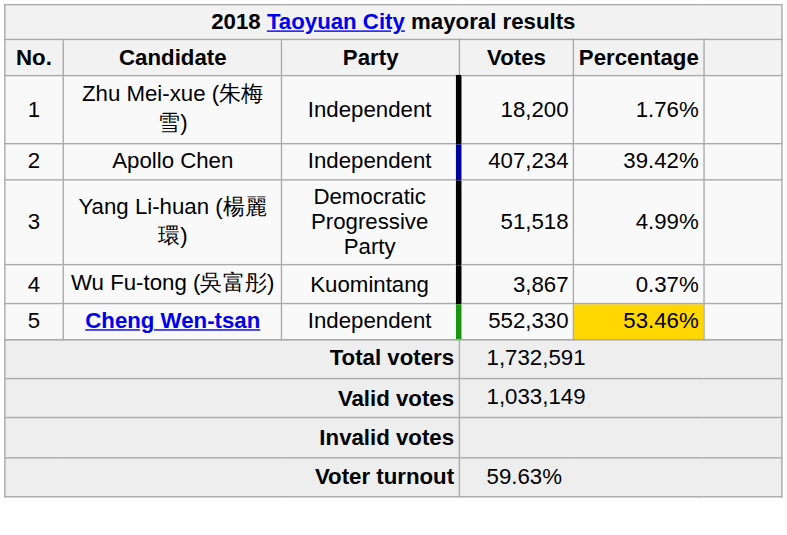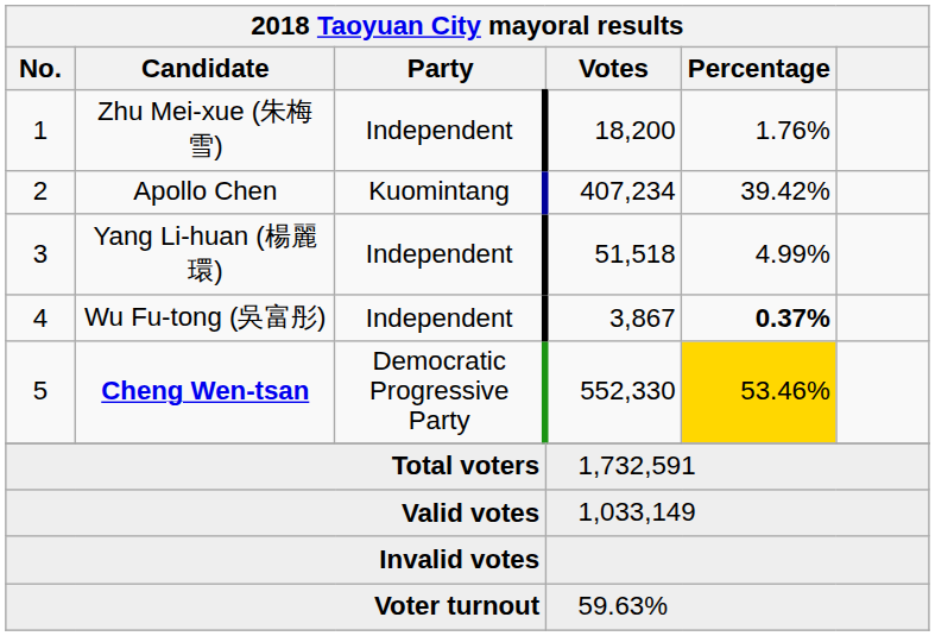 <table class="wikitable collapsible" style="margin:1em auto; text-align:center">
 <tr>
 <th colspan="6">2018 <a href='#'>Taoyuan City</a> mayoral results</th>
 </tr>
 <tr>
 <th width=35>No.</th>
 <th width=150>Candidate</th>
 <th width=120>Party</th>
 <th width=75>Votes</th>
 <th width=75>Percentage</th>
 <th width=49></th>
 </tr>
 <tr>
 <td>1</td>
 <td>Zhu Mei-xue (朱梅雪)</td>
 <td> Independent</td>
 <td style="border-left:4px solid #000000;" align="right">18,200</td>
 <td align="right">1.76%</td>
 <td align="center"></td>
 </tr>
 <tr>
 <td>2</td>
 <td>Apollo Chen</td>
-<td> Independent</td>
+<td> Kuomintang</td>
 <td style="border-left:4px solid #000099;" align="right">407,234</td>
 <td align="right">39.42%</td>
 <td align="center"></td>
 </tr>
 <tr>
 <td>3</td>
 <td>Yang Li-huan (楊麗環)</td>
-<td>Democratic Progressive Party</td>
+<td> Independent</td>
 <td style="border-left:4px solid #000000;" align="right">51,518</td>
 <td align="right">4.99%</td>
 <td align="center"></td>
 </tr>
 <tr>
 <td>4</td>
 <td>Wu Fu-tong (吳富彤)</td>
-<td> Kuomintang</td>
+<td> Independent</td>
 <td style="border-left:4px solid #000000;" align="right">3,867</td>
-<td align="right">0.37%</td>
+<td align="right"><strong>0.37%</strong></td>
 <td align="center"></td>
 </tr>
 <tr>
 <td>5</td>
 <td><strong><a href='#'>Cheng Wen-tsan</a></strong></td>
-<td> Independent</td>
+<td>Democratic Progressive Party</td>
 <td style="border-left:4px solid #1B9413;" align="right">552,330</td>
 <td align="right" style="background: gold;">53.46%</td>
 <td align="center"></td>
 </tr>
 <tr>
 </tr>
 <tr bgcolor=EEEEEE>
 <td colspan="3" align="right"><strong>Total voters</strong></td>
 <td colspan="3" align="left">　1,732,591</td>
 </tr>
 <tr bgcolor=EEEEEE>
 <td colspan="3" align="right"><strong>Valid votes</strong></td>
 <td colspan="3" align="left">　1,033,149</td>
 </tr>
 <tr bgcolor=EEEEEE>
 <td colspan="3" align="right"><strong>Invalid votes</strong></td>
 <td colspan="3" align="left">　</td>
 </tr>
 <tr bgcolor=EEEEEE>
 <td colspan="3" align="right"><strong>Voter turnout</strong></td>
 <td colspan="3" align="left">　59.63%</td>
 </tr>
 </table>
